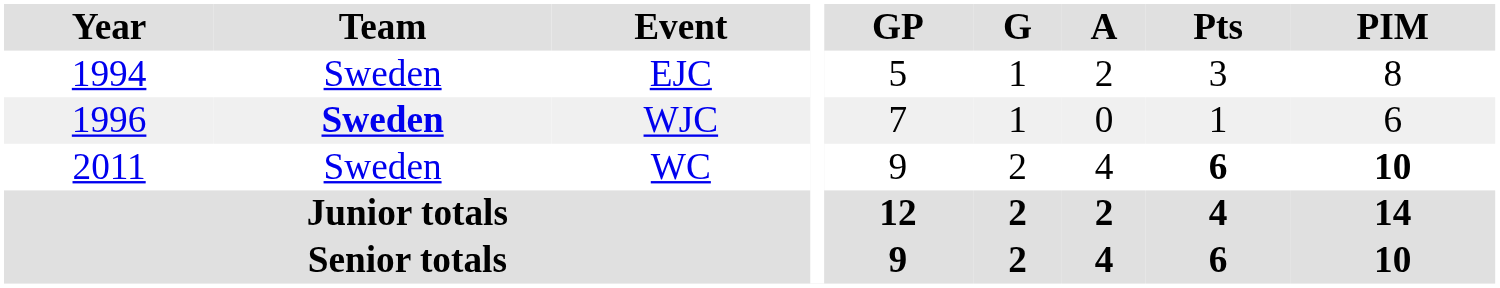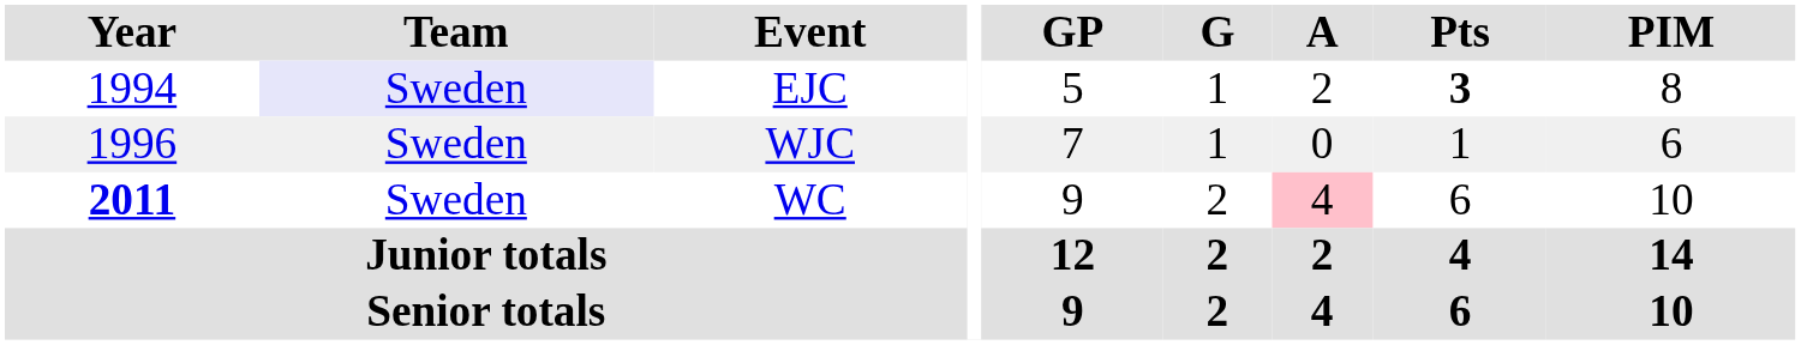 <table border="0" cellpadding="1" cellspacing="0" ID="Table3" style="text-align:center; width:40em">
 <tr ALIGN="center" bgcolor="#e0e0e0">
 <th>Year</th>
 <th>Team</th>
 <th>Event</th>
 <th rowspan="99" bgcolor="#ffffff"></th>
 <th>GP</th>
 <th>G</th>
 <th>A</th>
 <th>Pts</th>
 <th>PIM</th>
 </tr>
 <tr>
 <td><a href='#'>1994</a></td>
-<td><a href='#'>Sweden</a></td>
+<td style="background: lavender;"><a href='#'>Sweden</a></td>
 <td><a href='#'>EJC</a></td>
 <td>5</td>
 <td>1</td>
 <td>2</td>
-<td>3</td>
+<td><strong>3</strong></td>
 <td>8</td>
 </tr>
 <tr bgcolor="#f0f0f0">
 <td><a href='#'>1996</a></td>
-<td><strong><a href='#'>Sweden</a></strong></td>
+<td><a href='#'>Sweden</a></td>
 <td><a href='#'>WJC</a></td>
 <td>7</td>
 <td>1</td>
 <td>0</td>
 <td>1</td>
 <td>6</td>
 </tr>
 <tr>
-<td><a href='#'>2011</a></td>
+<td><strong><a href='#'>2011</a></strong></td>
 <td><a href='#'>Sweden</a></td>
 <td><a href='#'>WC</a></td>
 <td>9</td>
 <td>2</td>
-<td>4</td>
-<td><strong>6</strong></td>
-<td><strong>10</strong></td>
+<td style="background: pink;">4</td>
+<td>6</td>
+<td>10</td>
 </tr>
 <tr bgcolor="#e0e0e0">
 <th colspan="3">Junior totals</th>
 <th>12</th>
 <th>2</th>
 <th>2</th>
 <th>4</th>
 <th>14</th>
 </tr>
 <tr bgcolor="#e0e0e0">
 <th colspan="3">Senior totals</th>
 <th>9</th>
 <th>2</th>
 <th>4</th>
 <th>6</th>
 <th>10</th>
 </tr>
 </table>
